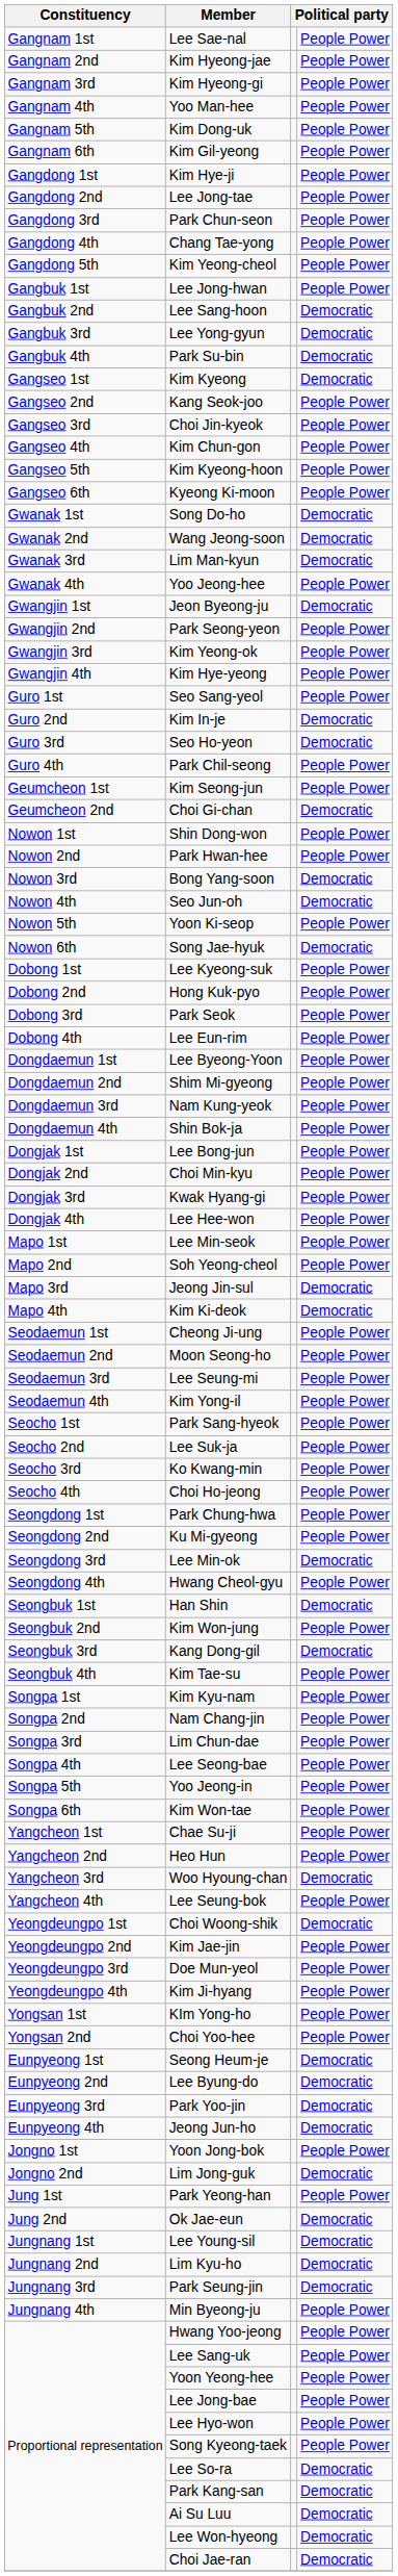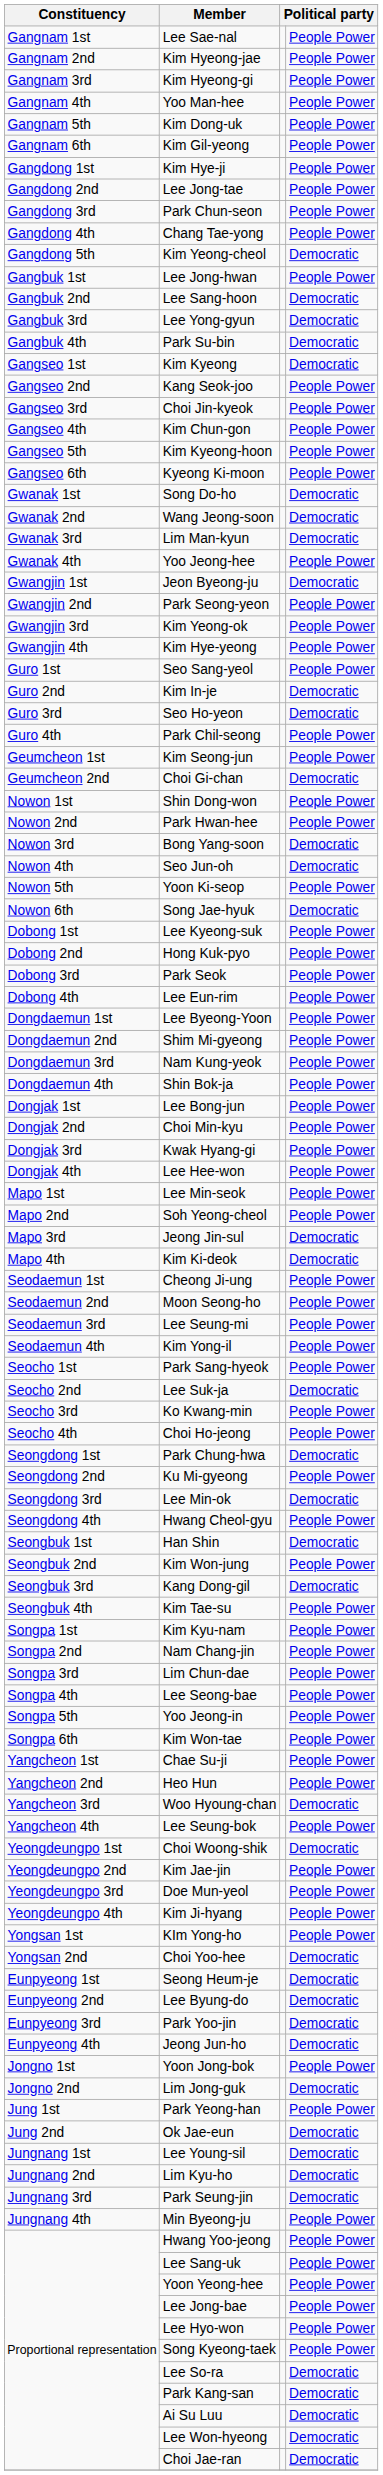 <table class="wikitable sortable">
 <tr>
 <th>Constituency</th>
 <th>Member</th>
 <th colspan="2">Political party</th>
 </tr>
 <tr>
 <td><a href='#'>Gangnam</a> 1st</td>
 <td>Lee Sae-nal</td>
 <td style="background:"></td>
 <td><a href='#'>People Power</a></td>
 </tr>
 <tr>
 <td><a href='#'>Gangnam</a> 2nd</td>
 <td>Kim Hyeong-jae</td>
 <td style="background:"></td>
 <td><a href='#'>People Power</a></td>
 </tr>
 <tr>
 <td><a href='#'>Gangnam</a> 3rd</td>
 <td>Kim Hyeong-gi</td>
 <td style="background:"></td>
 <td><a href='#'>People Power</a></td>
 </tr>
 <tr>
 <td><a href='#'>Gangnam</a> 4th</td>
 <td>Yoo Man-hee</td>
 <td style="background:"></td>
 <td><a href='#'>People Power</a></td>
 </tr>
 <tr>
 <td><a href='#'>Gangnam</a> 5th</td>
 <td>Kim Dong-uk</td>
 <td style="background:"></td>
 <td><a href='#'>People Power</a></td>
 </tr>
 <tr>
 <td><a href='#'>Gangnam</a> 6th</td>
 <td>Kim Gil-yeong</td>
 <td style="background:"></td>
 <td><a href='#'>People Power</a></td>
 </tr>
 <tr>
 <td><a href='#'>Gangdong</a> 1st</td>
 <td>Kim Hye-ji</td>
 <td style="background:"></td>
 <td><a href='#'>People Power</a></td>
 </tr>
 <tr>
 <td><a href='#'>Gangdong</a> 2nd</td>
 <td>Lee Jong-tae</td>
 <td style="background:"></td>
 <td><a href='#'>People Power</a></td>
 </tr>
 <tr>
 <td><a href='#'>Gangdong</a> 3rd</td>
 <td>Park Chun-seon</td>
 <td style="background:"></td>
 <td><a href='#'>People Power</a></td>
 </tr>
 <tr>
 <td><a href='#'>Gangdong</a> 4th</td>
 <td>Chang Tae-yong</td>
 <td style="background:"></td>
 <td><a href='#'>People Power</a></td>
 </tr>
 <tr>
 <td><a href='#'>Gangdong</a> 5th</td>
 <td>Kim Yeong-cheol</td>
 <td style="background:"></td>
-<td><a href='#'>People Power</a></td>
+<td><a href='#'>Democratic</a></td>
 </tr>
 <tr>
 <td><a href='#'>Gangbuk</a> 1st</td>
 <td>Lee Jong-hwan</td>
 <td style="background:"></td>
 <td><a href='#'>People Power</a></td>
 </tr>
 <tr>
 <td><a href='#'>Gangbuk</a> 2nd</td>
 <td>Lee Sang-hoon</td>
 <td style="background:"></td>
 <td><a href='#'>Democratic</a></td>
 </tr>
 <tr>
 <td><a href='#'>Gangbuk</a> 3rd</td>
 <td>Lee Yong-gyun</td>
 <td style="background:"></td>
 <td><a href='#'>Democratic</a></td>
 </tr>
 <tr>
 <td><a href='#'>Gangbuk</a> 4th</td>
 <td>Park Su-bin</td>
 <td style="background:"></td>
 <td><a href='#'>Democratic</a></td>
 </tr>
 <tr>
 <td><a href='#'>Gangseo</a> 1st</td>
 <td>Kim Kyeong</td>
 <td style="background:"></td>
 <td><a href='#'>Democratic</a></td>
 </tr>
 <tr>
 <td><a href='#'>Gangseo</a> 2nd</td>
 <td>Kang Seok-joo</td>
 <td style="background:"></td>
 <td><a href='#'>People Power</a></td>
 </tr>
 <tr>
 <td><a href='#'>Gangseo</a> 3rd</td>
 <td>Choi Jin-kyeok</td>
 <td style="background:"></td>
 <td><a href='#'>People Power</a></td>
 </tr>
 <tr>
 <td><a href='#'>Gangseo</a> 4th</td>
 <td>Kim Chun-gon</td>
 <td style="background:"></td>
 <td><a href='#'>People Power</a></td>
 </tr>
 <tr>
 <td><a href='#'>Gangseo</a> 5th</td>
 <td>Kim Kyeong-hoon</td>
 <td style="background:"></td>
 <td><a href='#'>People Power</a></td>
 </tr>
 <tr>
 <td><a href='#'>Gangseo</a> 6th</td>
 <td>Kyeong Ki-moon</td>
 <td style="background:"></td>
 <td><a href='#'>People Power</a></td>
 </tr>
 <tr>
 <td><a href='#'>Gwanak</a> 1st</td>
 <td>Song Do-ho</td>
 <td style="background:"></td>
 <td><a href='#'>Democratic</a></td>
 </tr>
 <tr>
 <td><a href='#'>Gwanak</a> 2nd</td>
 <td>Wang Jeong-soon</td>
 <td style="background:"></td>
 <td><a href='#'>Democratic</a></td>
 </tr>
 <tr>
 <td><a href='#'>Gwanak</a> 3rd</td>
 <td>Lim Man-kyun</td>
 <td style="background:"></td>
 <td><a href='#'>Democratic</a></td>
 </tr>
 <tr>
 <td><a href='#'>Gwanak</a> 4th</td>
 <td>Yoo Jeong-hee</td>
 <td style="background:"></td>
 <td><a href='#'>People Power</a></td>
 </tr>
 <tr>
 <td><a href='#'>Gwangjin</a> 1st</td>
 <td>Jeon Byeong-ju</td>
 <td style="background:"></td>
 <td><a href='#'>Democratic</a></td>
 </tr>
 <tr>
 <td><a href='#'>Gwangjin</a> 2nd</td>
 <td>Park Seong-yeon</td>
 <td style="background:"></td>
 <td><a href='#'>People Power</a></td>
 </tr>
 <tr>
 <td><a href='#'>Gwangjin</a> 3rd</td>
 <td>Kim Yeong-ok</td>
 <td style="background:"></td>
 <td><a href='#'>People Power</a></td>
 </tr>
 <tr>
 <td><a href='#'>Gwangjin</a> 4th</td>
 <td>Kim Hye-yeong</td>
 <td style="background:"></td>
 <td><a href='#'>People Power</a></td>
 </tr>
 <tr>
 <td><a href='#'>Guro</a> 1st</td>
 <td>Seo Sang-yeol</td>
 <td style="background:"></td>
 <td><a href='#'>People Power</a></td>
 </tr>
 <tr>
 <td><a href='#'>Guro</a> 2nd</td>
 <td>Kim In-je</td>
 <td style="background:"></td>
 <td><a href='#'>Democratic</a></td>
 </tr>
 <tr>
 <td><a href='#'>Guro</a> 3rd</td>
 <td>Seo Ho-yeon</td>
 <td style="background:"></td>
 <td><a href='#'>Democratic</a></td>
 </tr>
 <tr>
 <td><a href='#'>Guro</a> 4th</td>
 <td>Park Chil-seong</td>
 <td style="background:"></td>
 <td><a href='#'>People Power</a></td>
 </tr>
 <tr>
 <td><a href='#'>Geumcheon</a> 1st</td>
 <td>Kim Seong-jun</td>
 <td style="background:"></td>
 <td><a href='#'>People Power</a></td>
 </tr>
 <tr>
 <td><a href='#'>Geumcheon</a> 2nd</td>
 <td>Choi Gi-chan</td>
 <td style="background:"></td>
 <td><a href='#'>Democratic</a></td>
 </tr>
 <tr>
 <td><a href='#'>Nowon</a> 1st</td>
 <td>Shin Dong-won</td>
 <td style="background:"></td>
 <td><a href='#'>People Power</a></td>
 </tr>
 <tr>
 <td><a href='#'>Nowon</a> 2nd</td>
 <td>Park Hwan-hee</td>
 <td style="background:"></td>
 <td><a href='#'>People Power</a></td>
 </tr>
 <tr>
 <td><a href='#'>Nowon</a> 3rd</td>
 <td>Bong Yang-soon</td>
 <td style="background:"></td>
 <td><a href='#'>Democratic</a></td>
 </tr>
 <tr>
 <td><a href='#'>Nowon</a> 4th</td>
 <td>Seo Jun-oh</td>
 <td style="background:"></td>
 <td><a href='#'>Democratic</a></td>
 </tr>
 <tr>
 <td><a href='#'>Nowon</a> 5th</td>
 <td>Yoon Ki-seop</td>
 <td style="background:"></td>
 <td><a href='#'>People Power</a></td>
 </tr>
 <tr>
 <td><a href='#'>Nowon</a> 6th</td>
 <td>Song Jae-hyuk</td>
 <td style="background:"></td>
 <td><a href='#'>Democratic</a></td>
 </tr>
 <tr>
 <td><a href='#'>Dobong</a> 1st</td>
 <td>Lee Kyeong-suk</td>
 <td style="background:"></td>
 <td><a href='#'>People Power</a></td>
 </tr>
 <tr>
 <td><a href='#'>Dobong</a> 2nd</td>
 <td>Hong Kuk-pyo</td>
 <td style="background:"></td>
 <td><a href='#'>People Power</a></td>
 </tr>
 <tr>
 <td><a href='#'>Dobong</a> 3rd</td>
 <td>Park Seok</td>
 <td style="background:"></td>
 <td><a href='#'>People Power</a></td>
 </tr>
 <tr>
 <td><a href='#'>Dobong</a> 4th</td>
 <td>Lee Eun-rim</td>
 <td style="background:"></td>
 <td><a href='#'>People Power</a></td>
 </tr>
 <tr>
 <td><a href='#'>Dongdaemun</a> 1st</td>
 <td>Lee Byeong-Yoon</td>
 <td style="background:"></td>
 <td><a href='#'>People Power</a></td>
 </tr>
 <tr>
 <td><a href='#'>Dongdaemun</a> 2nd</td>
 <td>Shim Mi-gyeong</td>
 <td style="background:"></td>
 <td><a href='#'>People Power</a></td>
 </tr>
 <tr>
 <td><a href='#'>Dongdaemun</a> 3rd</td>
 <td>Nam Kung-yeok</td>
 <td style="background:"></td>
 <td><a href='#'>People Power</a></td>
 </tr>
 <tr>
 <td><a href='#'>Dongdaemun</a> 4th</td>
 <td>Shin Bok-ja</td>
 <td style="background:"></td>
 <td><a href='#'>People Power</a></td>
 </tr>
 <tr>
 <td><a href='#'>Dongjak</a> 1st</td>
 <td>Lee Bong-jun</td>
 <td style="background:"></td>
 <td><a href='#'>People Power</a></td>
 </tr>
 <tr>
 <td><a href='#'>Dongjak</a> 2nd</td>
 <td>Choi Min-kyu</td>
 <td style="background:"></td>
 <td><a href='#'>People Power</a></td>
 </tr>
 <tr>
 <td><a href='#'>Dongjak</a> 3rd</td>
 <td>Kwak Hyang-gi</td>
 <td style="background:"></td>
 <td><a href='#'>People Power</a></td>
 </tr>
 <tr>
 <td><a href='#'>Dongjak</a> 4th</td>
 <td>Lee Hee-won</td>
 <td style="background:"></td>
 <td><a href='#'>People Power</a></td>
 </tr>
 <tr>
 <td><a href='#'>Mapo</a> 1st</td>
 <td>Lee Min-seok</td>
 <td style="background:"></td>
 <td><a href='#'>People Power</a></td>
 </tr>
 <tr>
 <td><a href='#'>Mapo</a> 2nd</td>
 <td>Soh Yeong-cheol</td>
 <td style="background:"></td>
 <td><a href='#'>People Power</a></td>
 </tr>
 <tr>
 <td><a href='#'>Mapo</a> 3rd</td>
 <td>Jeong Jin-sul</td>
 <td style="background:"></td>
 <td><a href='#'>Democratic</a></td>
 </tr>
 <tr>
 <td><a href='#'>Mapo</a> 4th</td>
 <td>Kim Ki-deok</td>
 <td style="background:"></td>
 <td><a href='#'>Democratic</a></td>
 </tr>
 <tr>
 <td><a href='#'>Seodaemun</a> 1st</td>
 <td>Cheong Ji-ung</td>
 <td style="background:"></td>
 <td><a href='#'>People Power</a></td>
 </tr>
 <tr>
 <td><a href='#'>Seodaemun</a> 2nd</td>
 <td>Moon Seong-ho</td>
 <td style="background:"></td>
 <td><a href='#'>People Power</a></td>
 </tr>
 <tr>
 <td><a href='#'>Seodaemun</a> 3rd</td>
 <td>Lee Seung-mi</td>
 <td style="background:"></td>
 <td><a href='#'>People Power</a></td>
 </tr>
 <tr>
 <td><a href='#'>Seodaemun</a> 4th</td>
 <td>Kim Yong-il</td>
 <td style="background:"></td>
 <td><a href='#'>People Power</a></td>
 </tr>
 <tr>
 <td><a href='#'>Seocho</a> 1st</td>
 <td>Park Sang-hyeok</td>
 <td style="background:"></td>
 <td><a href='#'>People Power</a></td>
 </tr>
 <tr>
 <td><a href='#'>Seocho</a> 2nd</td>
 <td>Lee Suk-ja</td>
 <td style="background:"></td>
-<td><a href='#'>People Power</a></td>
+<td><a href='#'>Democratic</a></td>
 </tr>
 <tr>
 <td><a href='#'>Seocho</a> 3rd</td>
 <td>Ko Kwang-min</td>
 <td style="background:"></td>
 <td><a href='#'>People Power</a></td>
 </tr>
 <tr>
 <td><a href='#'>Seocho</a> 4th</td>
 <td>Choi Ho-jeong</td>
 <td style="background:"></td>
 <td><a href='#'>People Power</a></td>
 </tr>
 <tr>
 <td><a href='#'>Seongdong</a> 1st</td>
 <td>Park Chung-hwa</td>
 <td style="background:"></td>
-<td><a href='#'>People Power</a></td>
+<td><a href='#'>Democratic</a></td>
 </tr>
 <tr>
 <td><a href='#'>Seongdong</a> 2nd</td>
 <td>Ku Mi-gyeong</td>
 <td style="background:"></td>
 <td><a href='#'>People Power</a></td>
 </tr>
 <tr>
 <td><a href='#'>Seongdong</a> 3rd</td>
 <td>Lee Min-ok</td>
 <td style="background:"></td>
 <td><a href='#'>Democratic</a></td>
 </tr>
 <tr>
 <td><a href='#'>Seongdong</a> 4th</td>
 <td>Hwang Cheol-gyu</td>
 <td style="background:"></td>
 <td><a href='#'>People Power</a></td>
 </tr>
 <tr>
 <td><a href='#'>Seongbuk</a> 1st</td>
 <td>Han Shin</td>
 <td style="background:"></td>
 <td><a href='#'>Democratic</a></td>
 </tr>
 <tr>
 <td><a href='#'>Seongbuk</a> 2nd</td>
 <td>Kim Won-jung</td>
 <td style="background:"></td>
 <td><a href='#'>People Power</a></td>
 </tr>
 <tr>
 <td><a href='#'>Seongbuk</a> 3rd</td>
 <td>Kang Dong-gil</td>
 <td style="background:"></td>
 <td><a href='#'>Democratic</a></td>
 </tr>
 <tr>
 <td><a href='#'>Seongbuk</a> 4th</td>
 <td>Kim Tae-su</td>
 <td style="background:"></td>
 <td><a href='#'>People Power</a></td>
 </tr>
 <tr>
 <td><a href='#'>Songpa</a> 1st</td>
 <td>Kim Kyu-nam</td>
 <td style="background:"></td>
 <td><a href='#'>People Power</a></td>
 </tr>
 <tr>
 <td><a href='#'>Songpa</a> 2nd</td>
 <td>Nam Chang-jin</td>
 <td style="background:"></td>
 <td><a href='#'>People Power</a></td>
 </tr>
 <tr>
 <td><a href='#'>Songpa</a> 3rd</td>
 <td>Lim Chun-dae</td>
 <td style="background:"></td>
 <td><a href='#'>People Power</a></td>
 </tr>
 <tr>
 <td><a href='#'>Songpa</a> 4th</td>
 <td>Lee Seong-bae</td>
 <td style="background:"></td>
 <td><a href='#'>People Power</a></td>
 </tr>
 <tr>
 <td><a href='#'>Songpa</a> 5th</td>
 <td>Yoo Jeong-in</td>
 <td style="background:"></td>
 <td><a href='#'>People Power</a></td>
 </tr>
 <tr>
 <td><a href='#'>Songpa</a> 6th</td>
 <td>Kim Won-tae</td>
 <td style="background:"></td>
 <td><a href='#'>People Power</a></td>
 </tr>
 <tr>
 <td><a href='#'>Yangcheon</a> 1st</td>
 <td>Chae Su-ji</td>
 <td style="background:"></td>
 <td><a href='#'>People Power</a></td>
 </tr>
 <tr>
 <td><a href='#'>Yangcheon</a> 2nd</td>
 <td>Heo Hun</td>
 <td style="background:"></td>
 <td><a href='#'>People Power</a></td>
 </tr>
 <tr>
 <td><a href='#'>Yangcheon</a> 3rd</td>
 <td>Woo Hyoung-chan</td>
 <td style="background:"></td>
 <td><a href='#'>Democratic</a></td>
 </tr>
 <tr>
 <td><a href='#'>Yangcheon</a> 4th</td>
 <td>Lee Seung-bok</td>
 <td style="background:"></td>
 <td><a href='#'>People Power</a></td>
 </tr>
 <tr>
 <td><a href='#'>Yeongdeungpo</a> 1st</td>
 <td>Choi Woong-shik</td>
 <td style="background:"></td>
 <td><a href='#'>Democratic</a></td>
 </tr>
 <tr>
 <td><a href='#'>Yeongdeungpo</a> 2nd</td>
 <td>Kim Jae-jin</td>
 <td style="background:"></td>
 <td><a href='#'>People Power</a></td>
 </tr>
 <tr>
 <td><a href='#'>Yeongdeungpo</a> 3rd</td>
 <td>Doe Mun-yeol</td>
 <td style="background:"></td>
 <td><a href='#'>People Power</a></td>
 </tr>
 <tr>
 <td><a href='#'>Yeongdeungpo</a> 4th</td>
 <td>Kim Ji-hyang</td>
 <td style="background:"></td>
 <td><a href='#'>People Power</a></td>
 </tr>
 <tr>
 <td><a href='#'>Yongsan</a> 1st</td>
 <td>KIm Yong-ho</td>
 <td style="background:"></td>
 <td><a href='#'>People Power</a></td>
 </tr>
 <tr>
 <td><a href='#'>Yongsan</a> 2nd</td>
 <td>Choi Yoo-hee</td>
 <td style="background:"></td>
-<td><a href='#'>People Power</a></td>
+<td><a href='#'>Democratic</a></td>
 </tr>
 <tr>
 <td><a href='#'>Eunpyeong</a> 1st</td>
 <td>Seong Heum-je</td>
 <td style="background:"></td>
 <td><a href='#'>Democratic</a></td>
 </tr>
 <tr>
 <td><a href='#'>Eunpyeong</a> 2nd</td>
 <td>Lee Byung-do</td>
 <td style="background:"></td>
 <td><a href='#'>Democratic</a></td>
 </tr>
 <tr>
 <td><a href='#'>Eunpyeong</a> 3rd</td>
 <td>Park Yoo-jin</td>
 <td style="background:"></td>
 <td><a href='#'>Democratic</a></td>
 </tr>
 <tr>
 <td><a href='#'>Eunpyeong</a> 4th</td>
 <td>Jeong Jun-ho</td>
 <td style="background:"></td>
 <td><a href='#'>Democratic</a></td>
 </tr>
 <tr>
 <td><a href='#'>Jongno</a> 1st</td>
 <td>Yoon Jong-bok</td>
 <td style="background:"></td>
 <td><a href='#'>People Power</a></td>
 </tr>
 <tr>
 <td><a href='#'>Jongno</a> 2nd</td>
 <td>Lim Jong-guk</td>
 <td style="background:"></td>
 <td><a href='#'>Democratic</a></td>
 </tr>
 <tr>
 <td><a href='#'>Jung</a> 1st</td>
 <td>Park Yeong-han</td>
 <td style="background:"></td>
 <td><a href='#'>People Power</a></td>
 </tr>
 <tr>
 <td><a href='#'>Jung</a> 2nd</td>
 <td>Ok Jae-eun</td>
 <td style="background:"></td>
 <td><a href='#'>Democratic</a></td>
 </tr>
 <tr>
 <td><a href='#'>Jungnang</a> 1st</td>
 <td>Lee Young-sil</td>
 <td style="background:"></td>
 <td><a href='#'>Democratic</a></td>
 </tr>
 <tr>
 <td><a href='#'>Jungnang</a> 2nd</td>
 <td>Lim Kyu-ho</td>
 <td style="background:"></td>
 <td><a href='#'>Democratic</a></td>
 </tr>
 <tr>
 <td><a href='#'>Jungnang</a> 3rd</td>
 <td>Park Seung-jin</td>
 <td style="background:"></td>
 <td><a href='#'>Democratic</a></td>
 </tr>
 <tr>
 <td><a href='#'>Jungnang</a> 4th</td>
 <td>Min Byeong-ju</td>
 <td style="background:"></td>
 <td><a href='#'>People Power</a></td>
 </tr>
 <tr>
 <td rowspan="11" style="font-size:90%; text-align:center;">Proportional representation</td>
 <td>Hwang Yoo-jeong</td>
 <td style="background:"></td>
 <td><a href='#'>People Power</a></td>
 </tr>
 <tr>
 <td>Lee Sang-uk</td>
 <td style="background:"></td>
 <td><a href='#'>People Power</a></td>
 </tr>
 <tr>
 <td>Yoon Yeong-hee</td>
 <td style="background:"></td>
 <td><a href='#'>People Power</a></td>
 </tr>
 <tr>
 <td>Lee Jong-bae</td>
 <td style="background:"></td>
 <td><a href='#'>People Power</a></td>
 </tr>
 <tr>
 <td>Lee Hyo-won</td>
 <td style="background:"></td>
 <td><a href='#'>People Power</a></td>
 </tr>
 <tr>
 <td>Song Kyeong-taek</td>
 <td style="background:"></td>
 <td><a href='#'>People Power</a></td>
 </tr>
 <tr>
 <td>Lee So-ra</td>
 <td style="background:"></td>
 <td><a href='#'>Democratic</a></td>
 </tr>
 <tr>
 <td>Park Kang-san</td>
 <td style="background:"></td>
 <td><a href='#'>Democratic</a></td>
 </tr>
 <tr>
 <td>Ai Su Luu</td>
 <td style="background:"></td>
 <td><a href='#'>Democratic</a></td>
 </tr>
 <tr>
 <td>Lee Won-hyeong</td>
 <td style="background:"></td>
 <td><a href='#'>Democratic</a></td>
 </tr>
 <tr>
 <td>Choi Jae-ran</td>
 <td style="background:"></td>
 <td><a href='#'>Democratic</a></td>
 </tr>
 <tr>
 </tr>
 </table>
